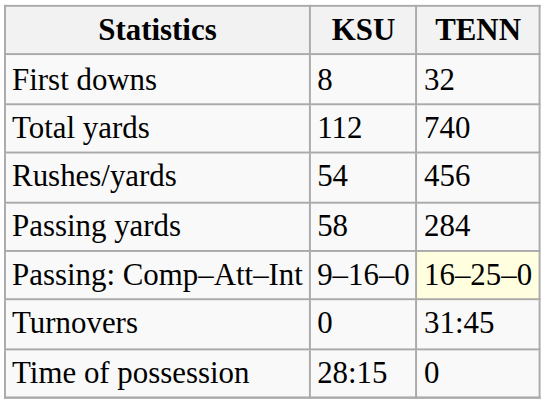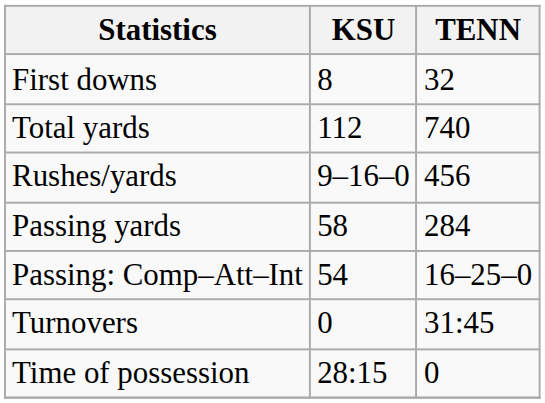 <table class="wikitable" style="float: left;">
 <tr>
 <th>Statistics</th>
 <th>KSU</th>
 <th>TENN</th>
 </tr>
 <tr>
 <td>First downs</td>
 <td>8</td>
 <td>32</td>
 </tr>
 <tr>
 <td>Total yards</td>
 <td>112</td>
 <td>740</td>
 </tr>
 <tr>
 <td>Rushes/yards</td>
-<td>54</td>
+<td>9–16–0</td>
 <td>456</td>
 </tr>
 <tr>
 <td>Passing yards</td>
 <td>58</td>
 <td>284</td>
 </tr>
 <tr>
 <td>Passing: Comp–Att–Int</td>
-<td>9–16–0</td>
-<td style="background: lightyellow;">16–25–0</td>
+<td>54</td>
+<td>16–25–0</td>
 </tr>
 <tr>
 <td>Turnovers</td>
 <td>0</td>
 <td>31:45</td>
 </tr>
 <tr>
 <td>Time of possession</td>
 <td>28:15</td>
 <td>0</td>
 </tr>
 <tr>
 </tr>
 </table>
